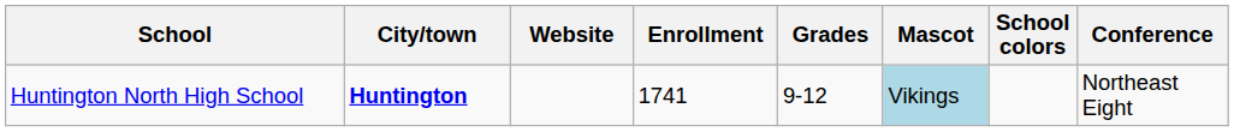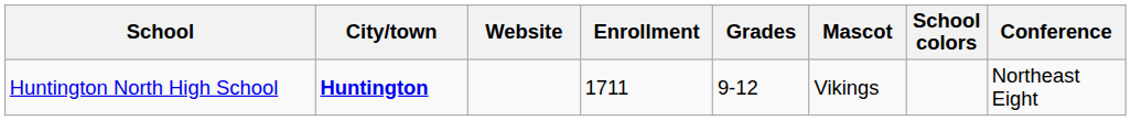 <table class="wikitable sortable" width="70%">
 <tr>
 <th width="20%">School</th>
 <th width="08%">City/town</th>
 <th width="06%">Website</th>
 <th width="04%">Enrollment</th>
 <th width="04%">Grades</th>
 <th width="04%">Mascot</th>
 <th width=01%>School colors</th>
 <th width="04%">Conference</th>
 </tr>
 <tr>
 <td><a href='#'>Huntington North High School</a></td>
 <td><strong><a href='#'>Huntington</a></strong></td>
 <td></td>
-<td>1741</td>
+<td>1711</td>
 <td>9-12</td>
-<td style="background: lightblue;">Vikings</td>
+<td>Vikings</td>
 <td>  </td>
 <td>Northeast Eight</td>
 </tr>
 </table>
